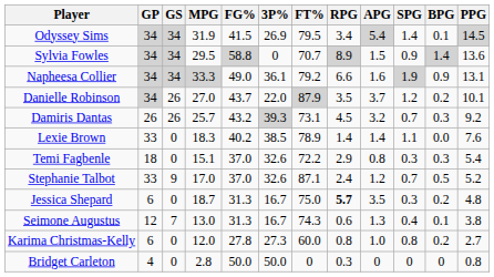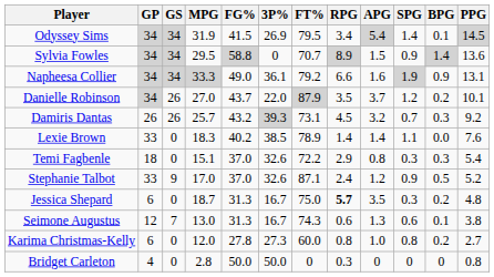 <table class="wikitable sortable" style="text-align:center;">
 <tr>
 <th>Player</th>
 <th>GP</th>
 <th>GS</th>
 <th>MPG</th>
 <th>FG%</th>
 <th>3P%</th>
 <th>FT%</th>
 <th>RPG</th>
 <th>APG</th>
 <th>SPG</th>
 <th>BPG</th>
 <th>PPG</th>
 </tr>
 <tr>
 <td><a href='#'>Odyssey Sims</a></td>
 <td style="background:#D3D3D3;">34</td>
 <td style="background:#D3D3D3;">34</td>
 <td>31.9</td>
 <td>41.5</td>
 <td>26.9</td>
 <td>79.5</td>
 <td>3.4</td>
 <td style="background:#D3D3D3;">5.4</td>
 <td>1.4</td>
 <td>0.1</td>
 <td style="background:#D3D3D3;">14.5</td>
 </tr>
 <tr>
 <td><a href='#'>Sylvia Fowles</a></td>
 <td style="background:#D3D3D3;">34</td>
 <td style="background:#D3D3D3;">34</td>
 <td>29.5</td>
 <td style="background:#D3D3D3;">58.8</td>
 <td>0</td>
 <td>70.7</td>
 <td style="background:#D3D3D3;">8.9</td>
 <td>1.5</td>
 <td>0.9</td>
 <td style="background:#D3D3D3;">1.4</td>
 <td>13.6</td>
 </tr>
 <tr>
 <td><a href='#'>Napheesa Collier</a></td>
 <td style="background:#D3D3D3;">34</td>
 <td style="background:#D3D3D3;">34</td>
 <td style="background:#D3D3D3;">33.3</td>
 <td>49.0</td>
 <td>36.1</td>
 <td>79.2</td>
 <td>6.6</td>
 <td>1.6</td>
 <td style="background:#D3D3D3;">1.9</td>
 <td>0.9</td>
 <td>13.1</td>
 </tr>
 <tr>
 <td><a href='#'>Danielle Robinson</a></td>
 <td style="background:#D3D3D3;">34</td>
 <td>26</td>
 <td>27.0</td>
 <td>43.7</td>
 <td>22.0</td>
 <td style="background:#D3D3D3;">87.9</td>
 <td>3.5</td>
 <td>3.7</td>
 <td>1.2</td>
 <td>0.2</td>
 <td>10.1</td>
 </tr>
 <tr>
 <td><a href='#'>Damiris Dantas</a></td>
 <td>26</td>
 <td>26</td>
 <td>25.7</td>
 <td>43.2</td>
 <td style="background:#D3D3D3;">39.3</td>
 <td>73.1</td>
 <td>4.5</td>
 <td>3.2</td>
 <td>0.7</td>
 <td>0.3</td>
 <td>9.2</td>
 </tr>
 <tr>
 <td><a href='#'>Lexie Brown</a></td>
 <td>33</td>
 <td>0</td>
 <td>18.3</td>
 <td>40.2</td>
 <td>38.5</td>
 <td>78.9</td>
 <td>1.4</td>
 <td>1.4</td>
 <td>1.1</td>
 <td>0.0</td>
 <td>7.6</td>
 </tr>
 <tr>
 <td><a href='#'>Temi Fagbenle</a></td>
 <td>18</td>
 <td>0</td>
 <td>15.1</td>
 <td>37.0</td>
 <td>32.6</td>
 <td>72.2</td>
 <td>2.9</td>
 <td>0.8</td>
 <td>0.3</td>
 <td>0.3</td>
 <td>5.4</td>
 </tr>
 <tr>
 <td><a href='#'>Stephanie Talbot</a></td>
 <td>33</td>
 <td>9</td>
 <td>17.0</td>
 <td>37.0</td>
 <td>32.6</td>
 <td>87.1</td>
 <td>2.4</td>
 <td>1.2</td>
-<td>0.7</td>
+<td>0.9</td>
 <td>0.5</td>
 <td>5.2</td>
 </tr>
 <tr>
 <td><a href='#'>Jessica Shepard</a></td>
 <td>6</td>
 <td>0</td>
 <td>18.7</td>
 <td>31.3</td>
 <td>16.7</td>
 <td>75.0</td>
 <td><strong>5.7</strong></td>
 <td>3.5</td>
 <td>0.3</td>
 <td>0.2</td>
 <td>4.8</td>
 </tr>
 <tr>
 <td><a href='#'>Seimone Augustus</a></td>
 <td>12</td>
 <td>7</td>
 <td>13.0</td>
 <td>31.3</td>
 <td>16.7</td>
 <td>74.3</td>
 <td>0.6</td>
 <td>1.3</td>
-<td>0.4</td>
+<td>0.6</td>
 <td>0.1</td>
 <td>3.8</td>
 </tr>
 <tr>
 <td><a href='#'>Karima Christmas-Kelly</a></td>
 <td>6</td>
 <td>0</td>
 <td>12.0</td>
 <td>27.8</td>
 <td>27.3</td>
 <td>60.0</td>
 <td>0.8</td>
 <td>1.0</td>
 <td>0.8</td>
 <td>0.2</td>
 <td>2.7</td>
 </tr>
 <tr>
 <td><a href='#'>Bridget Carleton</a></td>
 <td>4</td>
 <td>0</td>
 <td>2.8</td>
 <td>50.0</td>
 <td>50.0</td>
 <td>0</td>
 <td>0.3</td>
 <td>0</td>
 <td>0</td>
 <td>0</td>
 <td>0.8</td>
 </tr>
 </table>
